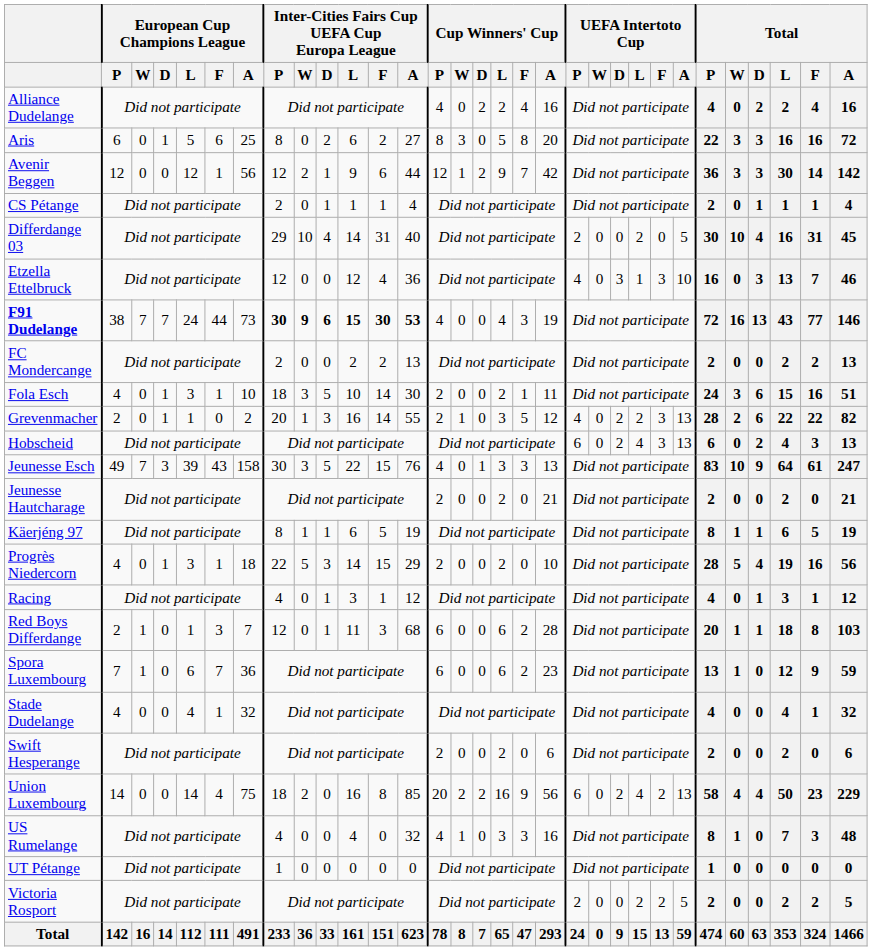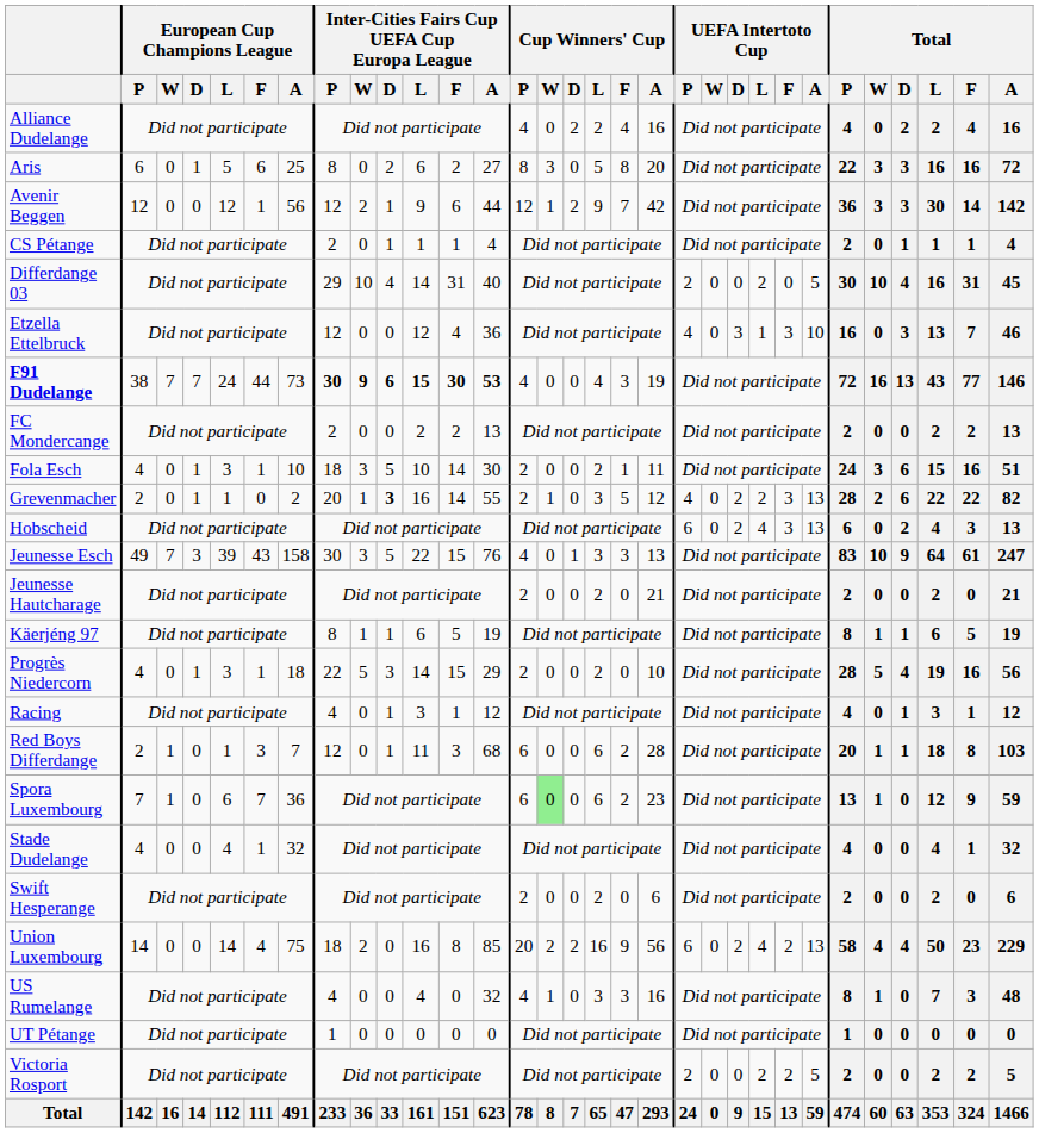 <table class="wikitable sortable" style="text-align: center;">
 <tr>
 <th style="border-right:2px solid black;"></th>
 <th colspan="6" style="border-right:2px solid black;"><strong>European Cup</strong><br>Champions League</th>
 <th colspan="6" style="border-right:2px solid black;">Inter-Cities Fairs Cup<br>UEFA Cup<br>Europa League</th>
 <th colspan="6" style="border-right:2px solid black;">Cup Winners' Cup</th>
 <th colspan="6" style="border-right:2px solid black;">UEFA Intertoto Cup</th>
 <th colspan="6">Total</th>
 </tr>
 <tr>
 <th></th>
 <th data-sort-type="number">P</th>
 <th data-sort-type="number">W</th>
 <th data-sort-type="number">D</th>
 <th data-sort-type="number">L</th>
 <th data-sort-type="number">F</th>
 <th data-sort-type="number">A</th>
 <th data-sort-type="number">P</th>
 <th data-sort-type="number">W</th>
 <th data-sort-type="number">D</th>
 <th data-sort-type="number">L</th>
 <th data-sort-type="number">F</th>
 <th data-sort-type="number">A</th>
 <th data-sort-type="number">P</th>
 <th data-sort-type="number">W</th>
 <th data-sort-type="number">D</th>
 <th data-sort-type="number">L</th>
 <th data-sort-type="number">F</th>
 <th data-sort-type="number">A</th>
 <th data-sort-type="number">P</th>
 <th data-sort-type="number">W</th>
 <th data-sort-type="number">D</th>
 <th data-sort-type="number">L</th>
 <th data-sort-type="number">F</th>
 <th data-sort-type="number">A</th>
 <th data-sort-type="number">P</th>
 <th data-sort-type="number">W</th>
 <th data-sort-type="number">D</th>
 <th data-sort-type="number">L</th>
 <th data-sort-type="number">F</th>
 <th data-sort-type="number">A</th>
 </tr>
 <tr>
 <td align="left" style="border-right:2px solid black;"><a href='#'>Alliance Dudelange</a></td>
 <td colspan="6" style="border-right:2px solid black;"><em>Did not participate</em></td>
 <td colspan="6" style="border-right:2px solid black;"><em>Did not participate</em></td>
 <td>4</td>
 <td>0</td>
 <td>2</td>
 <td>2</td>
 <td>4</td>
 <td style="border-right:2px solid black;">16</td>
 <td colspan="6" style="border-right:2px solid black;"><em>Did not participate</em></td>
 <th>4</th>
 <th>0</th>
 <th>2</th>
 <th>2</th>
 <th>4</th>
 <th>16</th>
 </tr>
 <tr>
 <td align="left" style="border-right:2px solid black;"><a href='#'>Aris</a></td>
 <td>6</td>
 <td>0</td>
 <td>1</td>
 <td>5</td>
 <td>6</td>
 <td style="border-right:2px solid black;">25</td>
 <td>8</td>
 <td>0</td>
 <td>2</td>
 <td>6</td>
 <td>2</td>
 <td style="border-right:2px solid black;">27</td>
 <td>8</td>
 <td>3</td>
 <td>0</td>
 <td>5</td>
 <td>8</td>
 <td style="border-right:2px solid black;">20</td>
 <td colspan="6" style="border-right:2px solid black;"><em>Did not participate</em></td>
 <th>22</th>
 <th>3</th>
 <th>3</th>
 <th>16</th>
 <th>16</th>
 <th>72</th>
 </tr>
 <tr>
 <td align="left" style="border-right:2px solid black;"><a href='#'>Avenir Beggen</a></td>
 <td>12</td>
 <td>0</td>
 <td>0</td>
 <td>12</td>
 <td>1</td>
 <td style="border-right:2px solid black;">56</td>
 <td>12</td>
 <td>2</td>
 <td>1</td>
 <td>9</td>
 <td>6</td>
 <td style="border-right:2px solid black;">44</td>
 <td>12</td>
 <td>1</td>
 <td>2</td>
 <td>9</td>
 <td>7</td>
 <td style="border-right:2px solid black;">42</td>
 <td colspan="6" style="border-right:2px solid black;"><em>Did not participate</em></td>
 <th>36</th>
 <th>3</th>
 <th>3</th>
 <th>30</th>
 <th>14</th>
 <th>142</th>
 </tr>
 <tr>
 <td align="left" style="border-right:2px solid black;"><a href='#'>CS Pétange</a></td>
 <td colspan="6" style="border-right:2px solid black;"><em>Did not participate</em></td>
 <td>2</td>
 <td>0</td>
 <td>1</td>
 <td>1</td>
 <td>1</td>
 <td style="border-right:2px solid black;">4</td>
 <td colspan="6" style="border-right:2px solid black;"><em>Did not participate</em></td>
 <td colspan="6" style="border-right:2px solid black;"><em>Did not participate</em></td>
 <th>2</th>
 <th>0</th>
 <th>1</th>
 <th>1</th>
 <th>1</th>
 <th>4</th>
 </tr>
 <tr>
 <td align="left" style="border-right:2px solid black;"><a href='#'>Differdange 03</a></td>
 <td colspan="6" style="border-right:2px solid black;"><em>Did not participate</em></td>
 <td>29</td>
 <td>10</td>
 <td>4</td>
 <td>14</td>
 <td>31</td>
 <td style="border-right:2px solid black;">40</td>
 <td colspan="6" style="border-right:2px solid black;"><em>Did not participate</em></td>
 <td>2</td>
 <td>0</td>
 <td>0</td>
 <td>2</td>
 <td>0</td>
 <td style="border-right:2px solid black;">5</td>
 <th>30</th>
 <th>10</th>
 <th>4</th>
 <th>16</th>
 <th>31</th>
 <th>45</th>
 </tr>
 <tr>
 <td align="left" style="border-right:2px solid black;"><a href='#'>Etzella Ettelbruck</a></td>
 <td colspan="6" style="border-right:2px solid black;"><em>Did not participate</em></td>
 <td>12</td>
 <td>0</td>
 <td>0</td>
 <td>12</td>
 <td>4</td>
 <td style="border-right:2px solid black;">36</td>
 <td colspan="6" style="border-right:2px solid black;"><em>Did not participate</em></td>
 <td>4</td>
 <td>0</td>
 <td>3</td>
 <td>1</td>
 <td>3</td>
 <td style="border-right:2px solid black;">10</td>
 <th>16</th>
 <th>0</th>
 <th>3</th>
 <th>13</th>
 <th>7</th>
 <th>46</th>
 </tr>
 <tr>
 <td align="left" style="border-right:2px solid black;"><strong><a href='#'>F91 Dudelange</a></strong></td>
 <td>38</td>
 <td>7</td>
 <td>7</td>
 <td>24</td>
 <td>44</td>
 <td style="border-right:2px solid black;">73</td>
 <td><strong>30</strong></td>
 <td><strong>9</strong></td>
 <td><strong>6</strong></td>
 <td><strong>15</strong></td>
 <td><strong>30</strong></td>
 <td style="border-right:2px solid black;"><strong>53</strong></td>
 <td>4</td>
 <td>0</td>
 <td>0</td>
 <td>4</td>
 <td>3</td>
 <td style="border-right:2px solid black;">19</td>
 <td colspan="6" style="border-right:2px solid black;"><em>Did not participate</em></td>
 <th>72</th>
 <th>16</th>
 <th>13</th>
 <th>43</th>
 <th>77</th>
 <th>146</th>
 </tr>
 <tr>
 <td align="left" style="border-right:2px solid black;"><a href='#'>FC Mondercange</a></td>
 <td colspan="6" style="border-right:2px solid black;"><em>Did not participate</em></td>
 <td>2</td>
 <td>0</td>
 <td>0</td>
 <td>2</td>
 <td>2</td>
 <td style="border-right:2px solid black;">13</td>
 <td colspan="6" style="border-right:2px solid black;"><em>Did not participate</em></td>
 <td colspan="6" style="border-right:2px solid black;"><em>Did not participate</em></td>
 <th>2</th>
 <th>0</th>
 <th>0</th>
 <th>2</th>
 <th>2</th>
 <th>13</th>
 </tr>
 <tr>
 <td align="left" style="border-right:2px solid black;"><a href='#'>Fola Esch</a></td>
 <td>4</td>
 <td>0</td>
 <td>1</td>
 <td>3</td>
 <td>1</td>
 <td style="border-right:2px solid black;">10</td>
 <td>18</td>
 <td>3</td>
 <td>5</td>
 <td>10</td>
 <td>14</td>
 <td style="border-right:2px solid black;">30</td>
 <td>2</td>
 <td>0</td>
 <td>0</td>
 <td>2</td>
 <td>1</td>
 <td style="border-right:2px solid black;">11</td>
 <td colspan="6" style="border-right:2px solid black;"><em>Did not participate</em></td>
 <th>24</th>
 <th>3</th>
 <th>6</th>
 <th>15</th>
 <th>16</th>
 <th>51</th>
 </tr>
 <tr>
 <td align="left" style="border-right:2px solid black;"><a href='#'>Grevenmacher</a></td>
 <td>2</td>
 <td>0</td>
 <td>1</td>
 <td>1</td>
 <td>0</td>
 <td style="border-right:2px solid black;">2</td>
 <td>20</td>
 <td>1</td>
-<td>3</td>
+<td><strong>3</strong></td>
 <td>16</td>
 <td>14</td>
 <td style="border-right:2px solid black;">55</td>
 <td>2</td>
 <td>1</td>
 <td>0</td>
 <td>3</td>
 <td>5</td>
 <td style="border-right:2px solid black;">12</td>
 <td>4</td>
 <td>0</td>
 <td>2</td>
 <td>2</td>
 <td>3</td>
 <td style="border-right:2px solid black;">13</td>
 <th>28</th>
 <th>2</th>
 <th>6</th>
 <th>22</th>
 <th>22</th>
 <th>82</th>
 </tr>
 <tr>
 <td align="left" style="border-right:2px solid black;"><a href='#'>Hobscheid</a></td>
 <td colspan="6" style="border-right:2px solid black;"><em>Did not participate</em></td>
 <td colspan="6" style="border-right:2px solid black;"><em>Did not participate</em></td>
 <td colspan="6" style="border-right:2px solid black;"><em>Did not participate</em></td>
 <td>6</td>
 <td>0</td>
 <td>2</td>
 <td>4</td>
 <td>3</td>
 <td style="border-right:2px solid black;">13</td>
 <th>6</th>
 <th>0</th>
 <th>2</th>
 <th>4</th>
 <th>3</th>
 <th>13</th>
 </tr>
 <tr>
 <td align="left" style="border-right:2px solid black;"><a href='#'>Jeunesse Esch</a></td>
 <td>49</td>
 <td>7</td>
 <td>3</td>
 <td>39</td>
 <td>43</td>
 <td style="border-right:2px solid black;">158</td>
 <td>30</td>
 <td>3</td>
 <td>5</td>
 <td>22</td>
 <td>15</td>
 <td style="border-right:2px solid black;">76</td>
 <td>4</td>
 <td>0</td>
 <td>1</td>
 <td>3</td>
 <td>3</td>
 <td style="border-right:2px solid black;">13</td>
 <td colspan="6" style="border-right:2px solid black;"><em>Did not participate</em></td>
 <th>83</th>
 <th>10</th>
 <th>9</th>
 <th>64</th>
 <th>61</th>
 <th>247</th>
 </tr>
 <tr>
 <td align="left" style="border-right:2px solid black;"><a href='#'>Jeunesse Hautcharage</a></td>
 <td colspan="6" style="border-right:2px solid black;"><em>Did not participate</em></td>
 <td colspan="6" style="border-right:2px solid black;"><em>Did not participate</em></td>
 <td>2</td>
 <td>0</td>
 <td>0</td>
 <td>2</td>
 <td>0</td>
 <td style="border-right:2px solid black;">21</td>
 <td colspan="6" style="border-right:2px solid black;"><em>Did not participate</em></td>
 <th>2</th>
 <th>0</th>
 <th>0</th>
 <th>2</th>
 <th>0</th>
 <th>21</th>
 </tr>
 <tr>
 <td align="left" style="border-right:2px solid black;"><a href='#'>Käerjéng 97</a></td>
 <td colspan="6" style="border-right:2px solid black;"><em>Did not participate</em></td>
 <td>8</td>
 <td>1</td>
 <td>1</td>
 <td>6</td>
 <td>5</td>
 <td style="border-right:2px solid black;">19</td>
 <td colspan="6" style="border-right:2px solid black;"><em>Did not participate</em></td>
 <td colspan="6" style="border-right:2px solid black;"><em>Did not participate</em></td>
 <th>8</th>
 <th>1</th>
 <th>1</th>
 <th>6</th>
 <th>5</th>
 <th>19</th>
 </tr>
 <tr>
 <td align="left" style="border-right:2px solid black;"><a href='#'>Progrès Niedercorn</a></td>
 <td>4</td>
 <td>0</td>
 <td>1</td>
 <td>3</td>
 <td>1</td>
 <td style="border-right:2px solid black;">18</td>
 <td>22</td>
 <td>5</td>
 <td>3</td>
 <td>14</td>
 <td>15</td>
 <td style="border-right:2px solid black;">29</td>
 <td>2</td>
 <td>0</td>
 <td>0</td>
 <td>2</td>
 <td>0</td>
 <td style="border-right:2px solid black;">10</td>
 <td colspan="6" style="border-right:2px solid black;"><em>Did not participate</em></td>
 <th>28</th>
 <th>5</th>
 <th>4</th>
 <th>19</th>
 <th>16</th>
 <th>56</th>
 </tr>
 <tr>
 <td align="left" style="border-right:2px solid black;"><a href='#'>Racing</a></td>
 <td colspan="6" style="border-right:2px solid black;"><em>Did not participate</em></td>
 <td>4</td>
 <td>0</td>
 <td>1</td>
 <td>3</td>
 <td>1</td>
 <td style="border-right:2px solid black;">12</td>
 <td colspan="6" style="border-right:2px solid black;"><em>Did not participate</em></td>
 <td colspan="6" style="border-right:2px solid black;"><em>Did not participate</em></td>
 <th>4</th>
 <th>0</th>
 <th>1</th>
 <th>3</th>
 <th>1</th>
 <th>12</th>
 </tr>
 <tr>
 <td align="left" style="border-right:2px solid black;"><a href='#'>Red Boys Differdange</a></td>
 <td>2</td>
 <td>1</td>
 <td>0</td>
 <td>1</td>
 <td>3</td>
 <td style="border-right:2px solid black;">7</td>
 <td>12</td>
 <td>0</td>
 <td>1</td>
 <td>11</td>
 <td>3</td>
 <td style="border-right:2px solid black;">68</td>
 <td>6</td>
 <td>0</td>
 <td>0</td>
 <td>6</td>
 <td>2</td>
 <td style="border-right:2px solid black;">28</td>
 <td colspan="6" style="border-right:2px solid black;"><em>Did not participate</em></td>
 <th>20</th>
 <th>1</th>
 <th>1</th>
 <th>18</th>
 <th>8</th>
 <th>103</th>
 </tr>
 <tr>
 <td align="left" style="border-right:2px solid black;"><a href='#'>Spora Luxembourg</a></td>
 <td>7</td>
 <td>1</td>
 <td>0</td>
 <td>6</td>
 <td>7</td>
 <td style="border-right:2px solid black;">36</td>
 <td colspan="6" style="border-right:2px solid black;"><em>Did not participate</em></td>
 <td>6</td>
-<td>0</td>
+<td style="background: lightgreen;">0</td>
 <td>0</td>
 <td>6</td>
 <td>2</td>
 <td style="border-right:2px solid black;">23</td>
 <td colspan="6" style="border-right:2px solid black;"><em>Did not participate</em></td>
 <th>13</th>
 <th>1</th>
 <th>0</th>
 <th>12</th>
 <th>9</th>
 <th>59</th>
 </tr>
 <tr>
 <td align="left" style="border-right:2px solid black;"><a href='#'>Stade Dudelange</a></td>
 <td>4</td>
 <td>0</td>
 <td>0</td>
 <td>4</td>
 <td>1</td>
 <td style="border-right:2px solid black;">32</td>
 <td colspan="6" style="border-right:2px solid black;"><em>Did not participate</em></td>
 <td colspan="6" style="border-right:2px solid black;"><em>Did not participate</em></td>
 <td colspan="6" style="border-right:2px solid black;"><em>Did not participate</em></td>
 <th>4</th>
 <th>0</th>
 <th>0</th>
 <th>4</th>
 <th>1</th>
 <th>32</th>
 </tr>
 <tr>
 <td align="left" style="border-right:2px solid black;"><a href='#'>Swift Hesperange</a></td>
 <td colspan="6" style="border-right:2px solid black;"><em>Did not participate</em></td>
 <td colspan="6" style="border-right:2px solid black;"><em>Did not participate</em></td>
 <td>2</td>
 <td>0</td>
 <td>0</td>
 <td>2</td>
 <td>0</td>
 <td style="border-right:2px solid black;">6</td>
 <td colspan="6" style="border-right:2px solid black;"><em>Did not participate</em></td>
 <th>2</th>
 <th>0</th>
 <th>0</th>
 <th>2</th>
 <th>0</th>
 <th>6</th>
 </tr>
 <tr>
 <td align="left" style="border-right:2px solid black;"><a href='#'>Union Luxembourg</a></td>
 <td>14</td>
 <td>0</td>
 <td>0</td>
 <td>14</td>
 <td>4</td>
 <td style="border-right:2px solid black;">75</td>
 <td>18</td>
 <td>2</td>
 <td>0</td>
 <td>16</td>
 <td>8</td>
 <td style="border-right:2px solid black;">85</td>
 <td>20</td>
 <td>2</td>
 <td>2</td>
 <td>16</td>
 <td>9</td>
 <td style="border-right:2px solid black;">56</td>
 <td>6</td>
 <td>0</td>
 <td>2</td>
 <td>4</td>
 <td>2</td>
 <td style="border-right:2px solid black;">13</td>
 <th>58</th>
 <th>4</th>
 <th>4</th>
 <th>50</th>
 <th>23</th>
 <th>229</th>
 </tr>
 <tr>
 <td align="left" style="border-right:2px solid black;"><a href='#'>US Rumelange</a></td>
 <td colspan="6" style="border-right:2px solid black;"><em>Did not participate</em></td>
 <td>4</td>
 <td>0</td>
 <td>0</td>
 <td>4</td>
 <td>0</td>
 <td style="border-right:2px solid black;">32</td>
 <td>4</td>
 <td>1</td>
 <td>0</td>
 <td>3</td>
 <td>3</td>
 <td style="border-right:2px solid black;">16</td>
 <td colspan="6" style="border-right:2px solid black;"><em>Did not participate</em></td>
 <th>8</th>
 <th>1</th>
 <th>0</th>
 <th>7</th>
 <th>3</th>
 <th>48</th>
 </tr>
 <tr>
 <td align="left" style="border-right:2px solid black;"><a href='#'>UT Pétange</a></td>
 <td colspan="6" style="border-right:2px solid black;"><em>Did not participate</em></td>
 <td>1</td>
 <td>0</td>
 <td>0</td>
 <td>0</td>
 <td>0</td>
 <td style="border-right:2px solid black;">0</td>
 <td colspan="6" style="border-right:2px solid black;"><em>Did not participate</em></td>
 <td colspan="6" style="border-right:2px solid black;"><em>Did not participate</em></td>
 <th>1</th>
 <th>0</th>
 <th>0</th>
 <th>0</th>
 <th>0</th>
 <th>0</th>
 </tr>
 <tr>
 <td align="left" style="border-right:2px solid black;"><a href='#'>Victoria Rosport</a></td>
 <td colspan="6" style="border-right:2px solid black;"><em>Did not participate</em></td>
 <td colspan="6" style="border-right:2px solid black;"><em>Did not participate</em></td>
 <td colspan="6" style="border-right:2px solid black;"><em>Did not participate</em></td>
 <td>2</td>
 <td>0</td>
 <td>0</td>
 <td>2</td>
 <td>2</td>
 <td style="border-right:2px solid black;">5</td>
 <th>2</th>
 <th>0</th>
 <th>0</th>
 <th>2</th>
 <th>2</th>
 <th>5</th>
 </tr>
 <tr>
 <th style="border-right:2px solid black;">Total</th>
 <th width="30">142</th>
 <th width="30">16</th>
 <th width="30">14</th>
 <th width="30">112</th>
 <th width="30">111</th>
 <th width="30" style="border-right:2px solid black;">491</th>
 <th width="30">233</th>
 <th width="30">36</th>
 <th width="30">33</th>
 <th width="30">161</th>
 <th width="30">151</th>
 <th width="30" style="border-right:2px solid black;">623</th>
 <th width="30">78</th>
 <th width="30">8</th>
 <th width="30">7</th>
 <th width="30">65</th>
 <th width="30">47</th>
 <th width="30" style="border-right:2px solid black;">293</th>
 <th width="30">24</th>
 <th width="30">0</th>
 <th width="30">9</th>
 <th width="30">15</th>
 <th width="30">13</th>
 <th width="30" style="border-right:2px solid black;">59</th>
 <th width="30">474</th>
 <th width="30">60</th>
 <th width="30">63</th>
 <th width="30">353</th>
 <th width="30">324</th>
 <th width="30">1466</th>
 </tr>
 </table>
